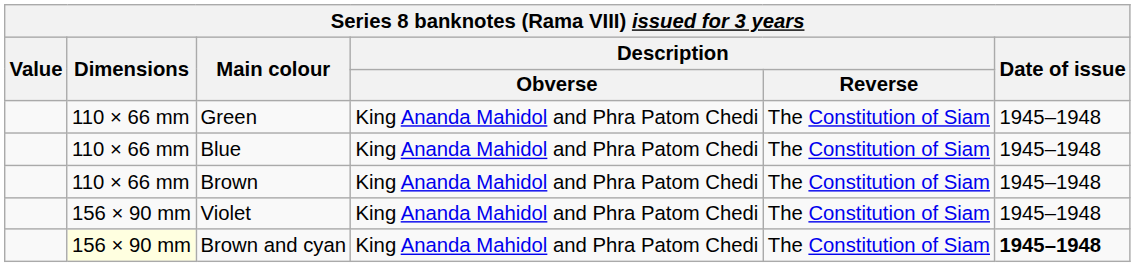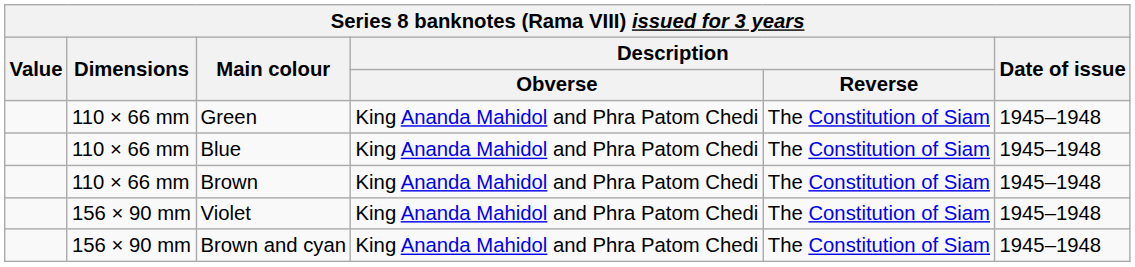 <table class="wikitable" style="font-size: 90%" style="width:100%; text-align: center">
 <tr>
 <th colspan="8">Series 8 banknotes (Rama VIII) <em><u>issued for 3 years</u></em></th>
 </tr>
 <tr>
 <th rowspan="2">Value</th>
 <th rowspan="2">Dimensions</th>
 <th rowspan="2">Main colour</th>
 <th colspan="2">Description</th>
 <th rowspan="2">Date of issue</th>
 </tr>
 <tr>
 <th>Obverse</th>
 <th>Reverse</th>
 </tr>
 <tr>
 <td></td>
 <td>110 × 66 mm</td>
 <td>Green</td>
 <td>King <a href='#'>Ananda Mahidol</a> and Phra Patom Chedi</td>
 <td>The <a href='#'>Constitution of Siam</a></td>
 <td>1945–1948</td>
 </tr>
 <tr>
 <td></td>
 <td>110 × 66 mm</td>
 <td>Blue</td>
 <td>King <a href='#'>Ananda Mahidol</a> and Phra Patom Chedi</td>
 <td>The <a href='#'>Constitution of Siam</a></td>
 <td>1945–1948</td>
 </tr>
 <tr>
 <td></td>
 <td>110 × 66 mm</td>
 <td>Brown</td>
 <td>King <a href='#'>Ananda Mahidol</a> and Phra Patom Chedi</td>
 <td>The <a href='#'>Constitution of Siam</a></td>
 <td>1945–1948</td>
 </tr>
 <tr>
 <td></td>
 <td>156 × 90 mm</td>
 <td>Violet</td>
 <td>King <a href='#'>Ananda Mahidol</a> and Phra Patom Chedi</td>
 <td>The <a href='#'>Constitution of Siam</a></td>
 <td>1945–1948</td>
 </tr>
 <tr>
 <td></td>
-<td style="background: lightyellow;">156 × 90 mm</td>
+<td>156 × 90 mm</td>
 <td>Brown and cyan</td>
 <td>King <a href='#'>Ananda Mahidol</a> and Phra Patom Chedi</td>
 <td>The <a href='#'>Constitution of Siam</a></td>
-<td><strong>1945–1948</strong></td>
+<td>1945–1948</td>
 </tr>
 </table>
